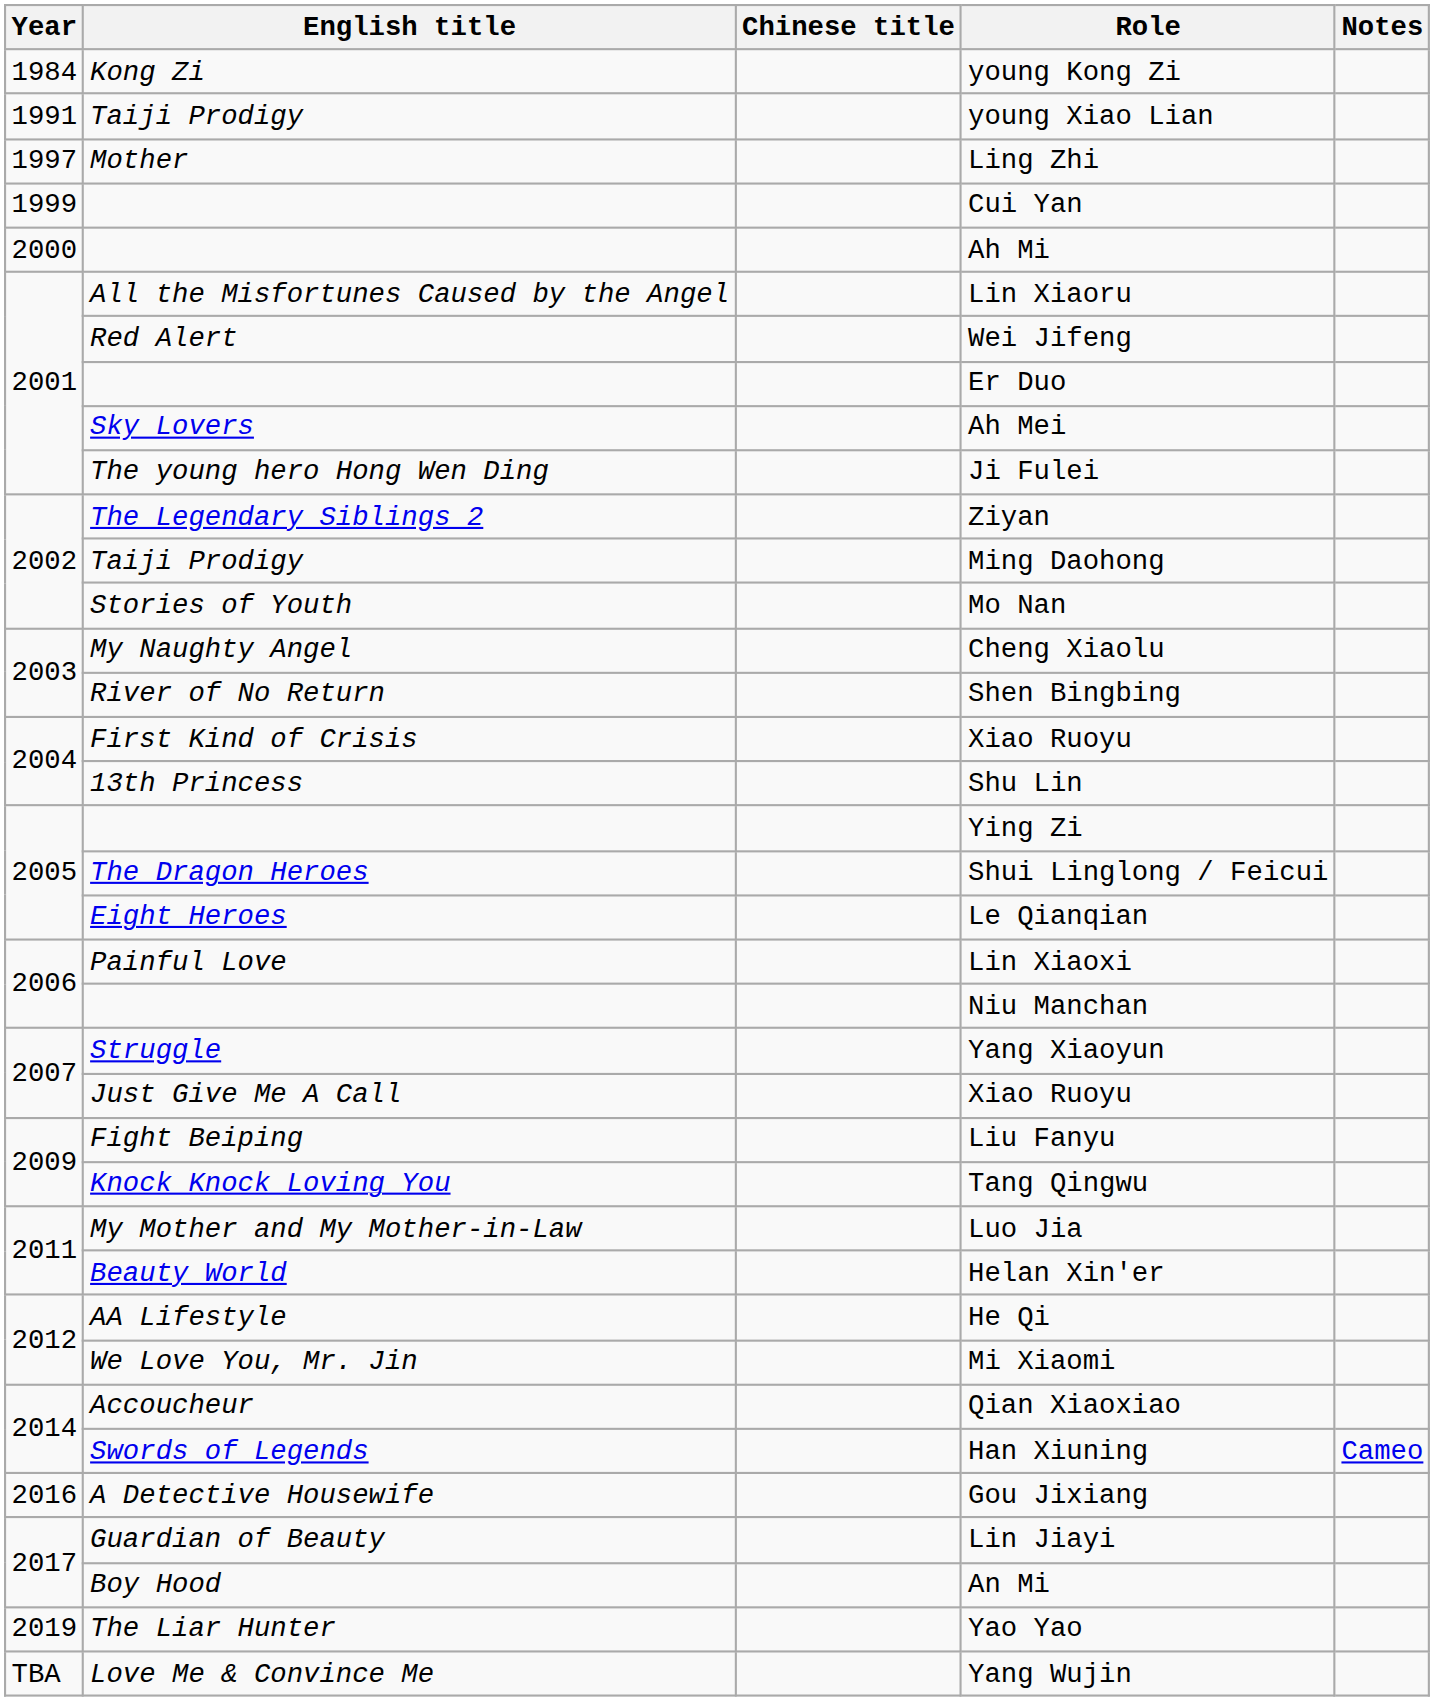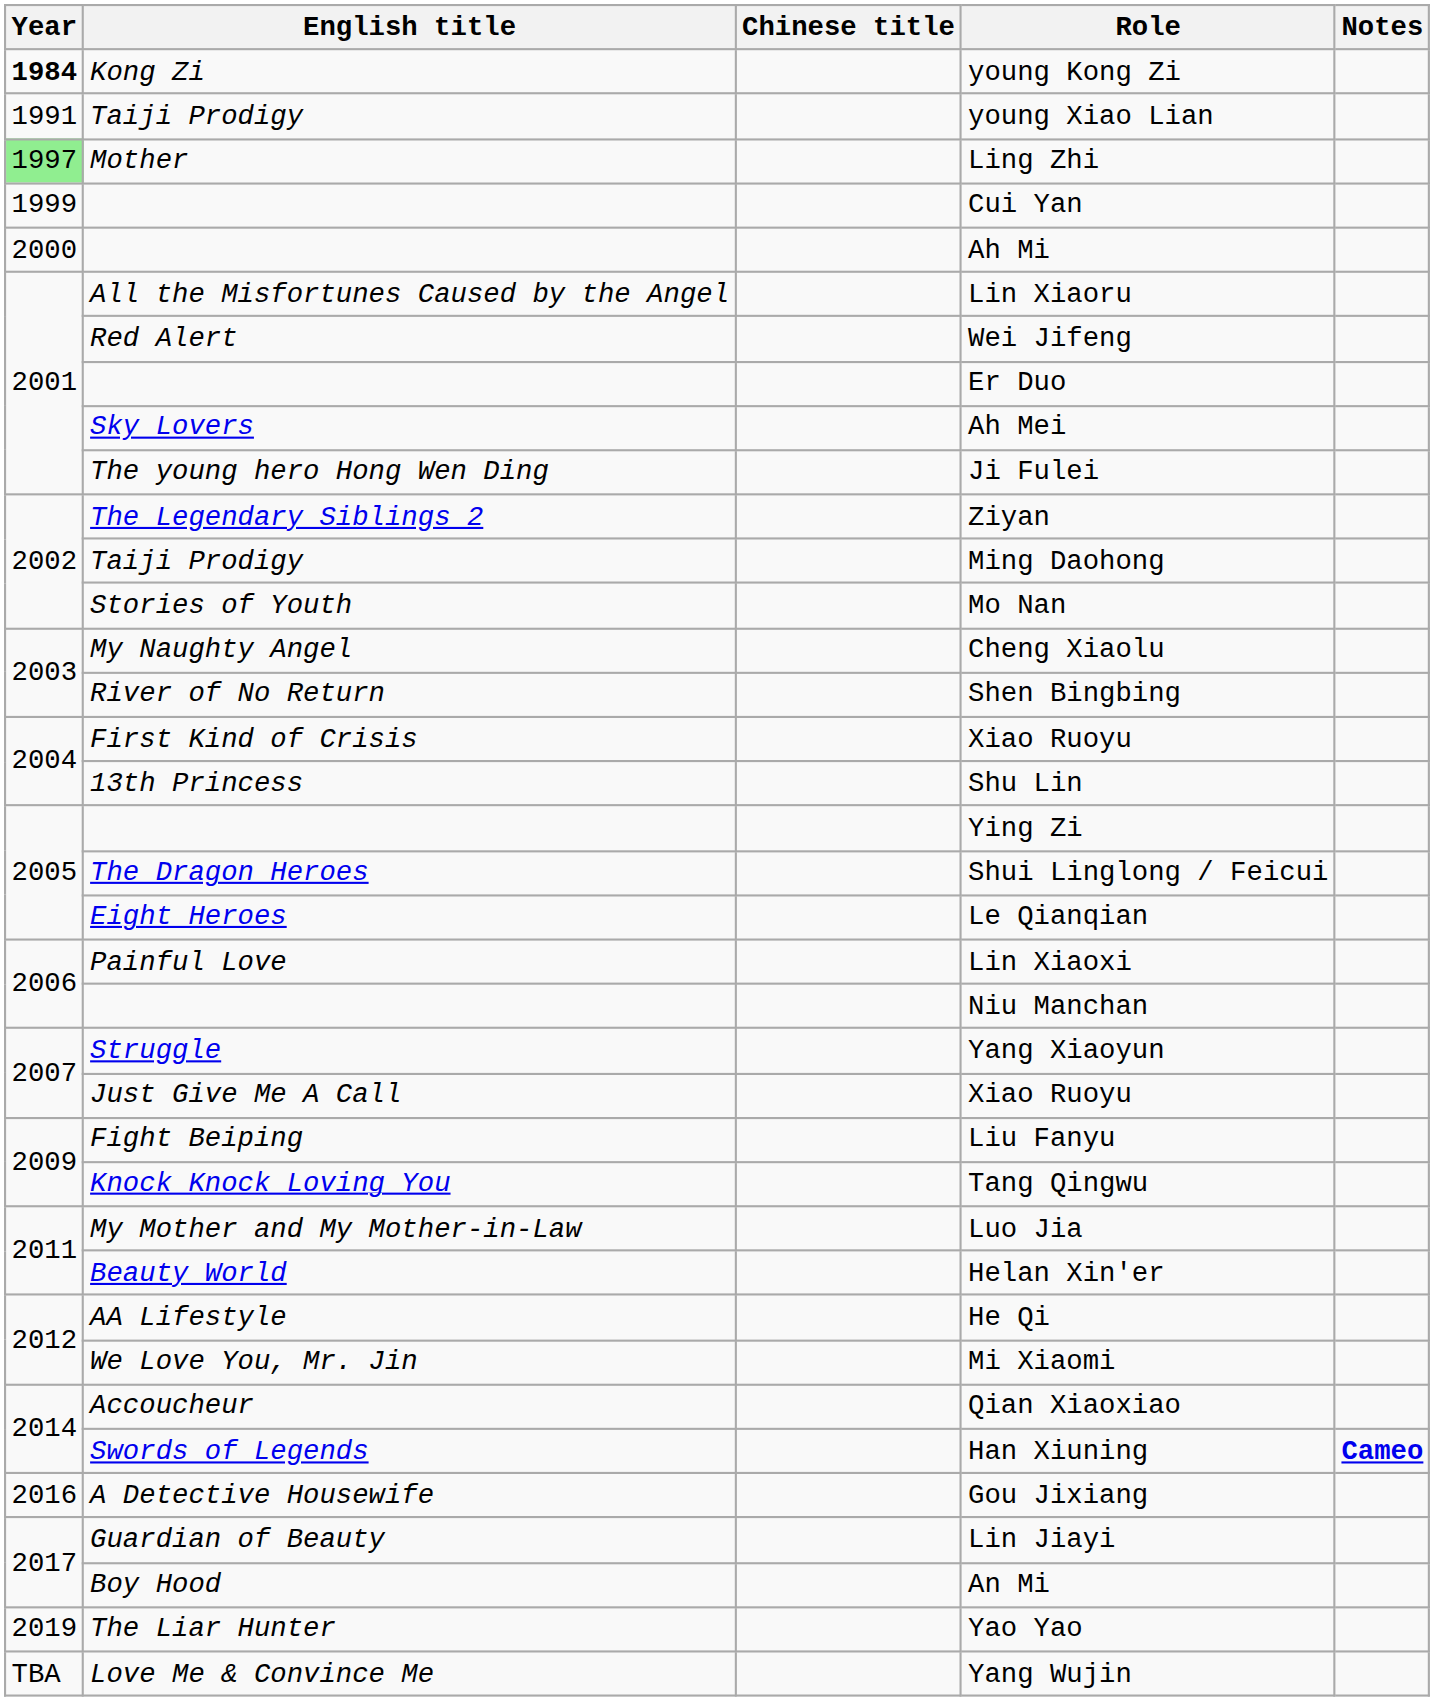 <table class="wikitable">
 <tr>
 <th>Year</th>
 <th>English title</th>
 <th>Chinese title</th>
 <th>Role</th>
 <th>Notes</th>
 </tr>
 <tr>
-<td>1984</td>
+<td><strong>1984</strong></td>
 <td><em>Kong Zi</em></td>
 <td></td>
 <td>young Kong Zi</td>
 <td></td>
 </tr>
 <tr>
 <td>1991</td>
 <td><em>Taiji Prodigy</em></td>
 <td></td>
 <td>young Xiao Lian</td>
 <td></td>
 </tr>
 <tr>
-<td>1997</td>
+<td style="background: lightgreen;">1997</td>
 <td><em>Mother</em></td>
 <td></td>
 <td>Ling Zhi</td>
 <td></td>
 </tr>
 <tr>
 <td>1999</td>
 <td></td>
 <td></td>
 <td>Cui Yan</td>
 <td></td>
 </tr>
 <tr>
 <td>2000</td>
 <td></td>
 <td></td>
 <td>Ah Mi</td>
 <td></td>
 </tr>
 <tr>
 <td rowspan=5>2001</td>
 <td><em>All the Misfortunes Caused by the Angel</em></td>
 <td></td>
 <td>Lin Xiaoru</td>
 <td></td>
 </tr>
 <tr>
 <td><em>Red Alert</em></td>
 <td></td>
 <td>Wei Jifeng</td>
 <td></td>
 </tr>
 <tr>
 <td></td>
 <td></td>
 <td>Er Duo</td>
 <td></td>
 </tr>
 <tr>
 <td><em><a href='#'>Sky Lovers</a></em></td>
 <td></td>
 <td>Ah Mei</td>
 <td></td>
 </tr>
 <tr>
 <td><em>The young hero Hong Wen Ding</em></td>
 <td></td>
 <td>Ji Fulei</td>
 <td></td>
 </tr>
 <tr>
 <td rowspan=3>2002</td>
 <td><em><a href='#'>The Legendary Siblings 2</a></em></td>
 <td></td>
 <td>Ziyan</td>
 <td></td>
 </tr>
 <tr>
 <td><em>Taiji Prodigy</em></td>
 <td></td>
 <td>Ming Daohong</td>
 <td></td>
 </tr>
 <tr>
 <td><em>Stories of Youth</em></td>
 <td></td>
 <td>Mo Nan</td>
 <td></td>
 </tr>
 <tr>
 <td rowspan=2>2003</td>
 <td><em>My Naughty Angel</em></td>
 <td></td>
 <td>Cheng Xiaolu</td>
 <td></td>
 </tr>
 <tr>
 <td><em>River of No Return</em></td>
 <td></td>
 <td>Shen Bingbing</td>
 <td></td>
 </tr>
 <tr>
 <td rowspan=2>2004</td>
 <td><em>First Kind of Crisis</em></td>
 <td></td>
 <td>Xiao Ruoyu</td>
 <td></td>
 </tr>
 <tr>
 <td><em>13th Princess</em></td>
 <td></td>
 <td>Shu Lin</td>
 <td></td>
 </tr>
 <tr>
 <td rowspan=3>2005</td>
 <td></td>
 <td></td>
 <td>Ying Zi</td>
 <td></td>
 </tr>
 <tr>
 <td><em><a href='#'>The Dragon Heroes</a></em></td>
 <td></td>
 <td>Shui Linglong / Feicui</td>
 <td></td>
 </tr>
 <tr>
 <td><em><a href='#'>Eight Heroes</a></em></td>
 <td></td>
 <td>Le Qianqian</td>
 <td></td>
 </tr>
 <tr>
 <td rowspan=2>2006</td>
 <td><em>Painful Love</em></td>
 <td></td>
 <td>Lin Xiaoxi</td>
 <td></td>
 </tr>
 <tr>
 <td></td>
 <td></td>
 <td>Niu Manchan</td>
 <td></td>
 </tr>
 <tr>
 <td rowspan=2>2007</td>
 <td><em><a href='#'>Struggle</a></em></td>
 <td></td>
 <td>Yang Xiaoyun</td>
 <td></td>
 </tr>
 <tr>
 <td><em>Just Give Me A Call</em></td>
 <td></td>
 <td>Xiao Ruoyu</td>
 <td></td>
 </tr>
 <tr>
 <td rowspan=2>2009</td>
 <td><em>Fight Beiping</em></td>
 <td></td>
 <td>Liu Fanyu</td>
 <td></td>
 </tr>
 <tr>
 <td><em><a href='#'>Knock Knock Loving You</a></em></td>
 <td></td>
 <td>Tang Qingwu</td>
 <td></td>
 </tr>
 <tr>
 <td rowspan=2>2011</td>
 <td><em>My Mother and My Mother-in-Law</em></td>
 <td></td>
 <td>Luo Jia</td>
 <td></td>
 </tr>
 <tr>
 <td><em><a href='#'>Beauty World</a></em></td>
 <td></td>
 <td>Helan Xin'er</td>
 <td></td>
 </tr>
 <tr>
 <td rowspan=2>2012</td>
 <td><em>AA Lifestyle</em></td>
 <td></td>
 <td>He Qi</td>
 <td></td>
 </tr>
 <tr>
 <td><em>We Love You, Mr. Jin</em></td>
 <td></td>
 <td>Mi Xiaomi</td>
 <td></td>
 </tr>
 <tr>
 <td rowspan=2>2014</td>
 <td><em>Accoucheur</em></td>
 <td></td>
 <td>Qian Xiaoxiao</td>
 <td></td>
 </tr>
 <tr>
 <td><em><a href='#'>Swords of Legends</a></em></td>
 <td></td>
 <td>Han Xiuning</td>
-<td><a href='#'>Cameo</a></td>
+<td><strong><a href='#'>Cameo</a></strong></td>
 </tr>
 <tr>
 <td rowspan=1>2016</td>
 <td><em>A Detective Housewife </em></td>
 <td></td>
 <td>Gou Jixiang</td>
 <td></td>
 </tr>
 <tr>
 <td rowspan=2>2017</td>
 <td><em>Guardian of Beauty</em></td>
 <td></td>
 <td>Lin Jiayi</td>
 <td></td>
 </tr>
 <tr>
 <td><em>Boy Hood</em></td>
 <td></td>
 <td>An Mi</td>
 <td></td>
 </tr>
 <tr>
 <td>2019</td>
 <td><em>The Liar Hunter</em></td>
 <td></td>
 <td>Yao Yao</td>
 <td></td>
 </tr>
 <tr>
 <td>TBA</td>
 <td><em>Love Me & Convince Me</em></td>
 <td></td>
 <td>Yang Wujin</td>
 <td></td>
 </tr>
 </table>
